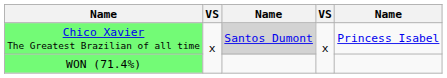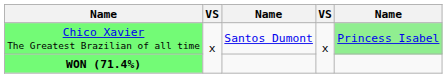 <table class="wikitable" style="text-align:center;">
 <tr>
 <th>Name</th>
 <th>VS</th>
 <th>Name</th>
 <th>VS</th>
 <th>Name</th>
 </tr>
 <tr>
 <td bgcolor="73FB76"><a href='#'>Chico Xavier</a><br><small> The Greatest Brazilian of all time </small><br></td>
 <td rowspan=2>x</td>
-<td style="background: lightgrey;"><a href='#'>Santos Dumont</a></td>
+<td><a href='#'>Santos Dumont</a></td>
 <td rowspan=2>x</td>
-<td><a href='#'>Princess Isabel</a></td>
+<td style="background: lightgreen;"><a href='#'>Princess Isabel</a></td>
 </tr>
 <tr>
-<td bgcolor="73FB76"> WON (71.4%)</td>
+<td bgcolor="73FB76"><strong> WON (71.4%)</strong></td>
 <td></td>
 <td></td>
 </tr>
 </table>
